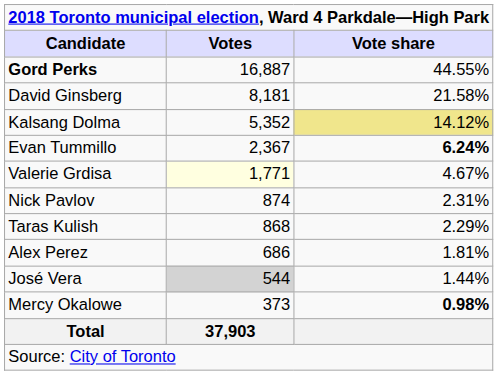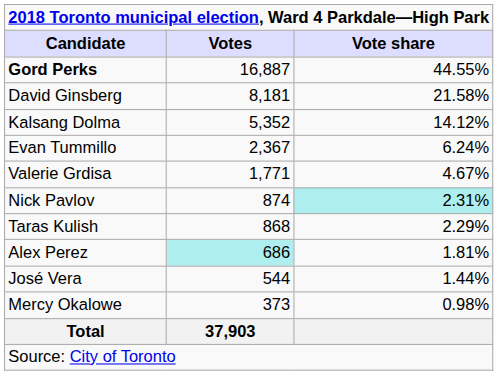 <table class="wikitable plainrowheaders">
 <tr>
 <td colspan="3"><strong><a href='#'>2018 Toronto municipal election</a>, Ward 4 Parkdale—High Park</strong></td>
 </tr>
 <tr>
 <th scope="col" style="background:#ddf; width:150px;">Candidate</th>
 <th scope="col" style="background:#ddf;">Votes</th>
 <th scope="col" style="background:#ddf;">Vote share</th>
 </tr>
 <tr>
 <td scope="row"><strong>Gord Perks</strong></td>
 <td align="right">16,887</td>
 <td align="right">44.55%</td>
 </tr>
 <tr>
 <td scope="row">David Ginsberg</td>
 <td align="right">8,181</td>
 <td align="right">21.58%</td>
 </tr>
 <tr>
 <td scope="row">Kalsang Dolma</td>
 <td align="right">5,352</td>
-<td align="right" style="background: khaki;">14.12%</td>
+<td align="right">14.12%</td>
 </tr>
 <tr>
 <td scope="row">Evan Tummillo</td>
 <td align="right">2,367</td>
-<td align="right"><strong>6.24%</strong></td>
+<td align="right">6.24%</td>
 </tr>
 <tr>
 <td scope="row">Valerie Grdisa</td>
-<td align="right" style="background: lightyellow;">1,771</td>
+<td align="right">1,771</td>
 <td align="right">4.67%</td>
 </tr>
 <tr>
 <td scope="row">Nick Pavlov</td>
 <td align="right">874</td>
-<td align="right">2.31%</td>
+<td align="right" style="background: paleturquoise;">2.31%</td>
 </tr>
 <tr>
 <td scope="row">Taras Kulish</td>
 <td align="right">868</td>
 <td align="right">2.29%</td>
 </tr>
 <tr>
 <td scope="row">Alex Perez</td>
-<td align="right">686</td>
+<td align="right" style="background: paleturquoise;">686</td>
 <td align="right">1.81%</td>
 </tr>
 <tr>
 <td>José Vera</td>
-<td align="right" style="background: lightgrey;">544</td>
+<td align="right">544</td>
 <td align="right">1.44%</td>
 </tr>
 <tr>
 <td scope="row">Mercy Okalowe</td>
 <td align="right">373</td>
-<td align="right"><strong>0.98%</strong></td>
+<td align="right">0.98%</td>
 </tr>
 <tr>
 <th scope="row"><strong>Total</strong></th>
 <th align="right">37,903</th>
 <th align="right"></th>
 </tr>
 <tr>
 <td colspan="3">Source: <a href='#'>City of Toronto</a></td>
 </tr>
 </table>
